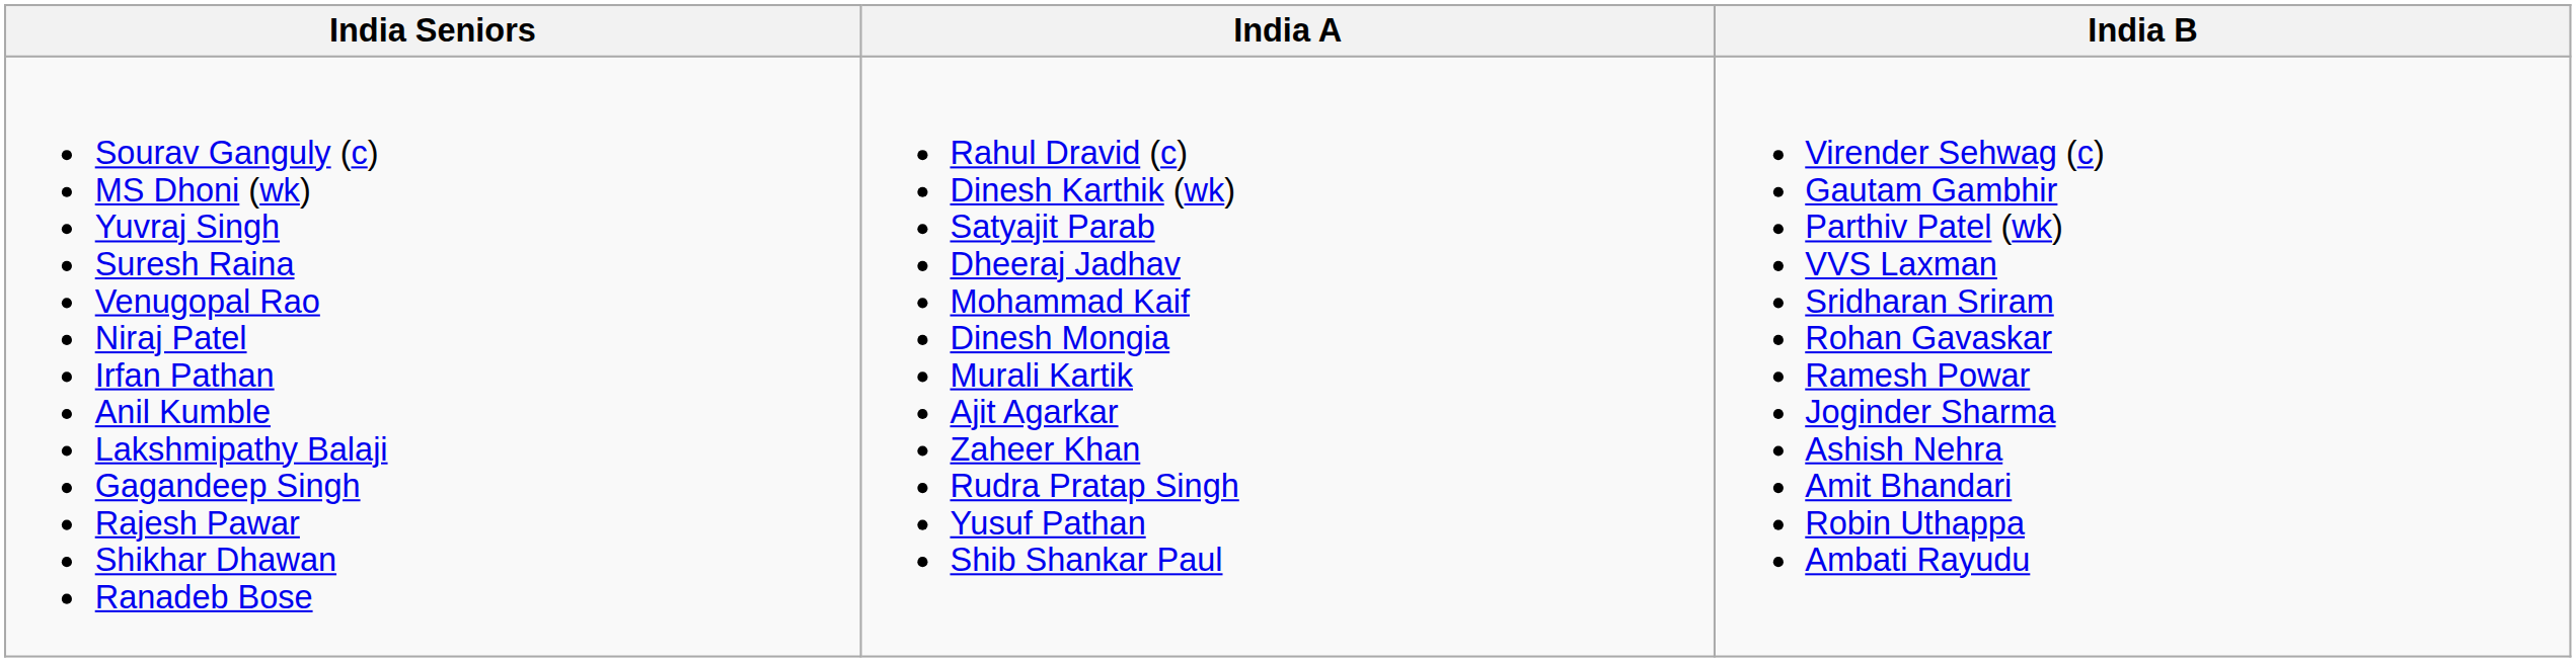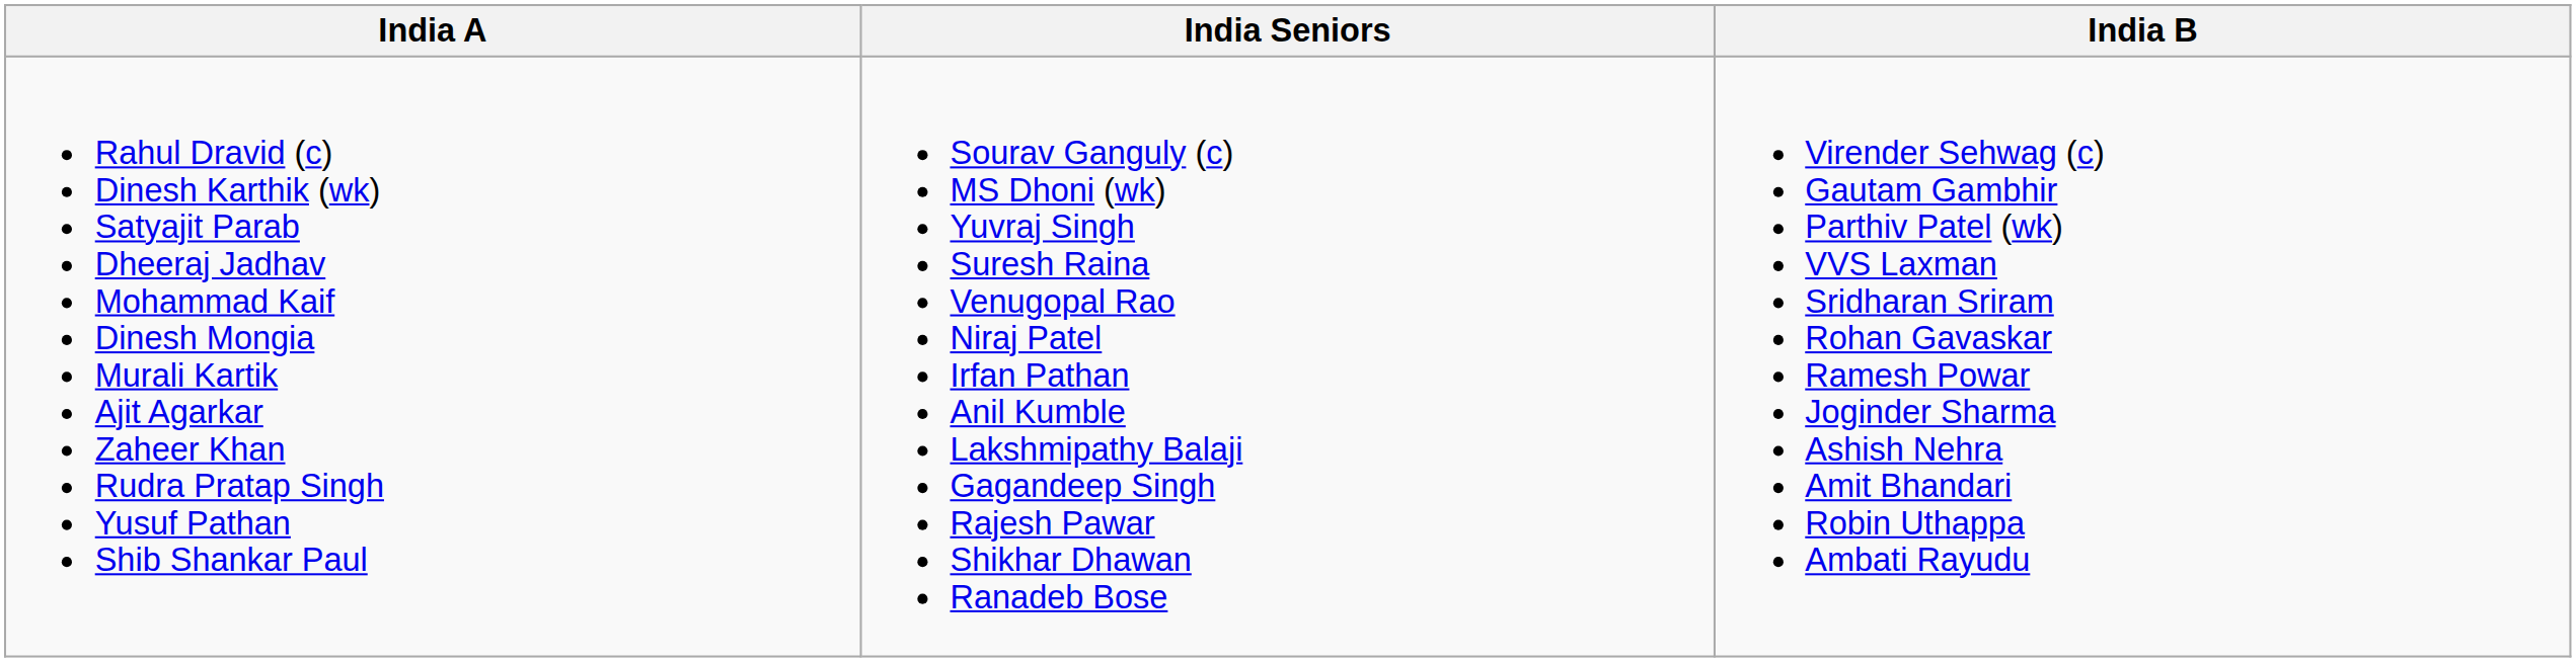 <table class="wikitable">
 <tr>
+<th style="width:15%;"> India A </th>
 <th style="width:15%;"> India Seniors </th>
-<th style="width:15%;"> India A </th>
 <th style="width:15%;"> India B </th>
 </tr>
 <tr style="vertical-align:top">
+<td><br><ul><li><a href='#'>Rahul Dravid</a> (<a href='#'>c</a>)</li><li><a href='#'>Dinesh Karthik</a> (<a href='#'>wk</a>)</li><li><a href='#'>Satyajit Parab</a></li><li><a href='#'>Dheeraj Jadhav</a></li><li><a href='#'>Mohammad Kaif</a></li><li><a href='#'>Dinesh Mongia</a></li><li><a href='#'>Murali Kartik</a></li><li><a href='#'>Ajit Agarkar</a></li><li><a href='#'>Zaheer Khan</a></li><li><a href='#'>Rudra Pratap Singh</a></li><li><a href='#'>Yusuf Pathan</a></li><li><a href='#'>Shib Shankar Paul</a></li></ul></td>
 <td><br><ul><li><a href='#'>Sourav Ganguly</a> (<a href='#'>c</a>)</li><li><a href='#'>MS Dhoni</a> (<a href='#'>wk</a>)</li><li><a href='#'>Yuvraj Singh</a></li><li><a href='#'>Suresh Raina</a></li><li><a href='#'>Venugopal Rao</a></li><li><a href='#'>Niraj Patel</a></li><li><a href='#'>Irfan Pathan</a></li><li><a href='#'>Anil Kumble</a></li><li><a href='#'>Lakshmipathy Balaji</a></li><li><a href='#'>Gagandeep Singh</a></li><li><a href='#'>Rajesh Pawar</a></li><li><a href='#'>Shikhar Dhawan</a></li><li><a href='#'>Ranadeb Bose</a></li></ul></td>
-<td><br><ul><li><a href='#'>Rahul Dravid</a> (<a href='#'>c</a>)</li><li><a href='#'>Dinesh Karthik</a> (<a href='#'>wk</a>)</li><li><a href='#'>Satyajit Parab</a></li><li><a href='#'>Dheeraj Jadhav</a></li><li><a href='#'>Mohammad Kaif</a></li><li><a href='#'>Dinesh Mongia</a></li><li><a href='#'>Murali Kartik</a></li><li><a href='#'>Ajit Agarkar</a></li><li><a href='#'>Zaheer Khan</a></li><li><a href='#'>Rudra Pratap Singh</a></li><li><a href='#'>Yusuf Pathan</a></li><li><a href='#'>Shib Shankar Paul</a></li></ul></td>
 <td><br><ul><li><a href='#'>Virender Sehwag</a> (<a href='#'>c</a>)</li><li><a href='#'>Gautam Gambhir</a></li><li><a href='#'>Parthiv Patel</a> (<a href='#'>wk</a>)</li><li><a href='#'>VVS Laxman</a></li><li><a href='#'>Sridharan Sriram</a></li><li><a href='#'>Rohan Gavaskar</a></li><li><a href='#'>Ramesh Powar</a></li><li><a href='#'>Joginder Sharma</a></li><li><a href='#'>Ashish Nehra</a></li><li><a href='#'>Amit Bhandari</a></li><li><a href='#'>Robin Uthappa</a></li><li><a href='#'>Ambati Rayudu</a></li></ul></td>
 </tr>
 </table>
